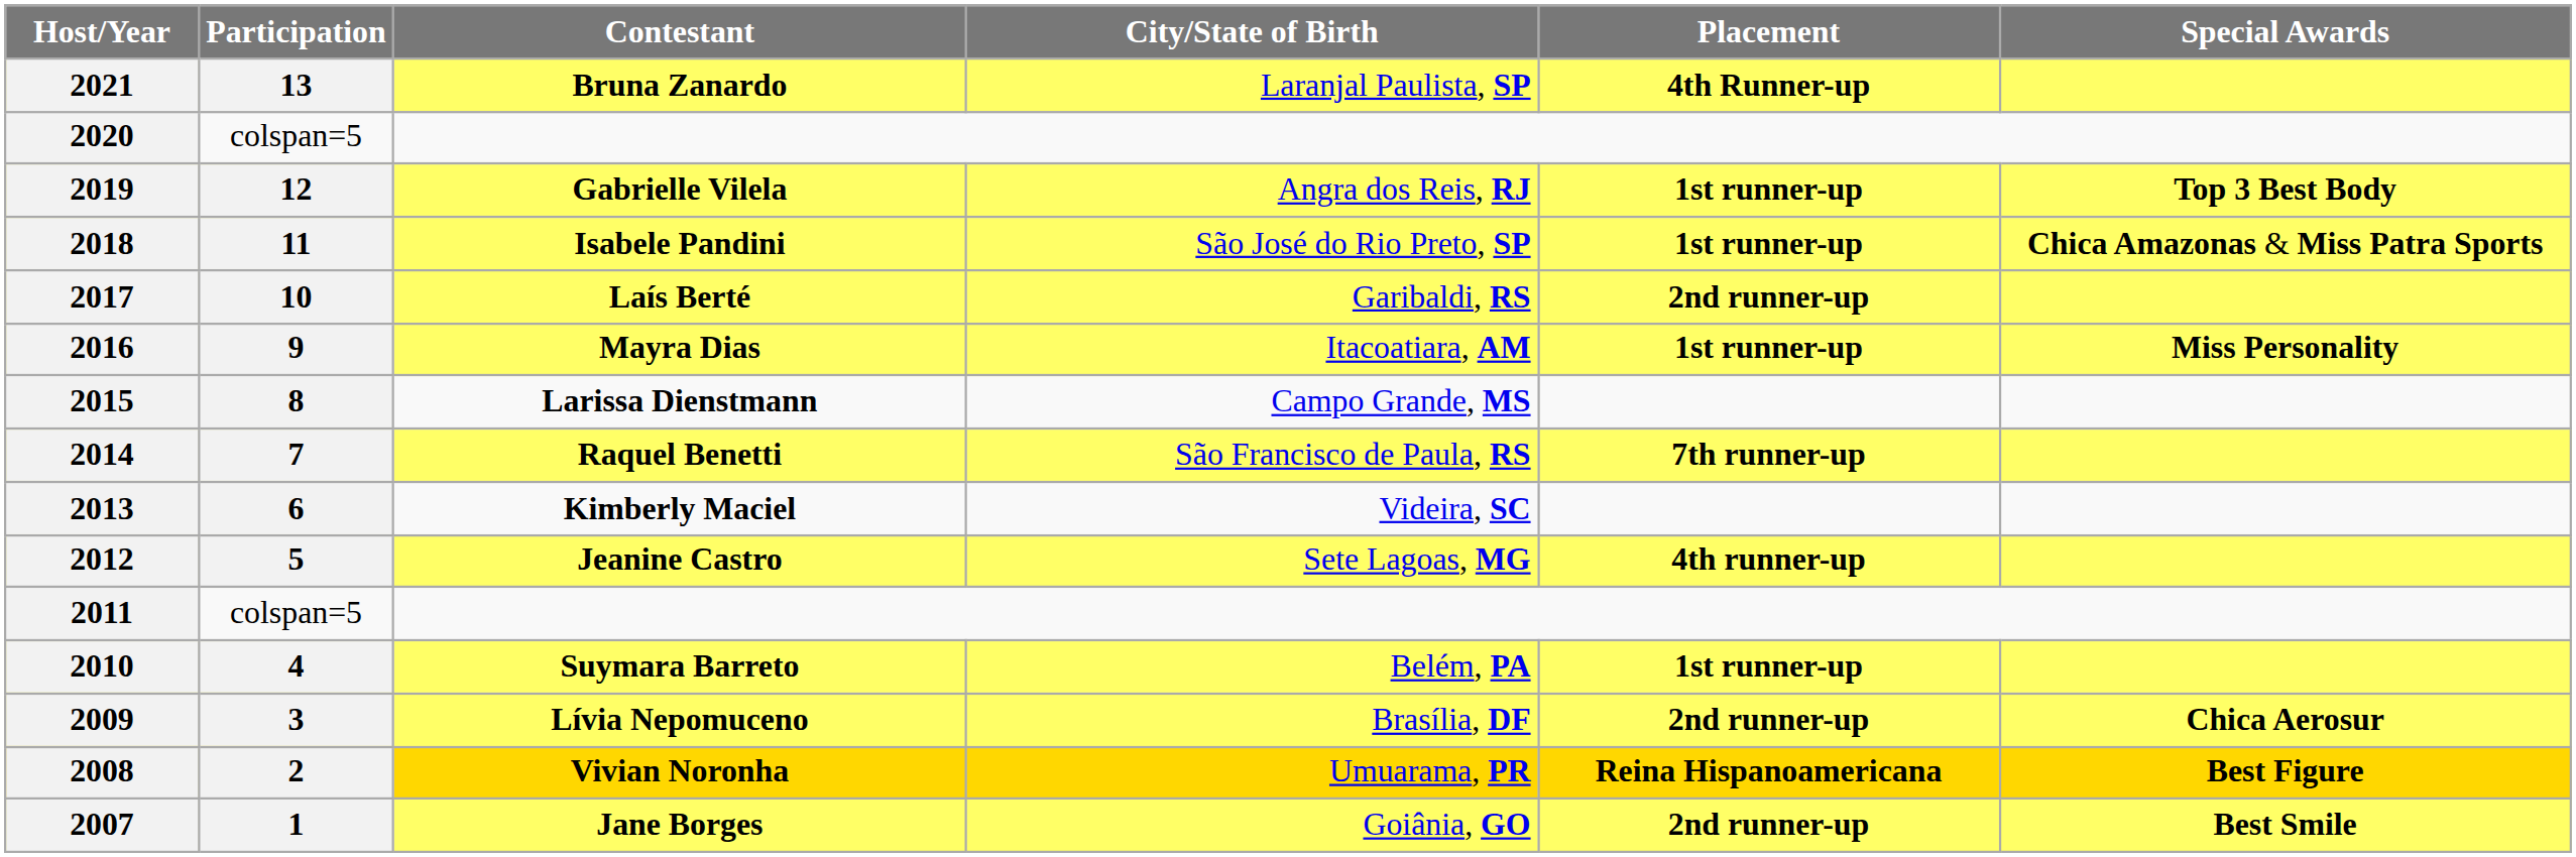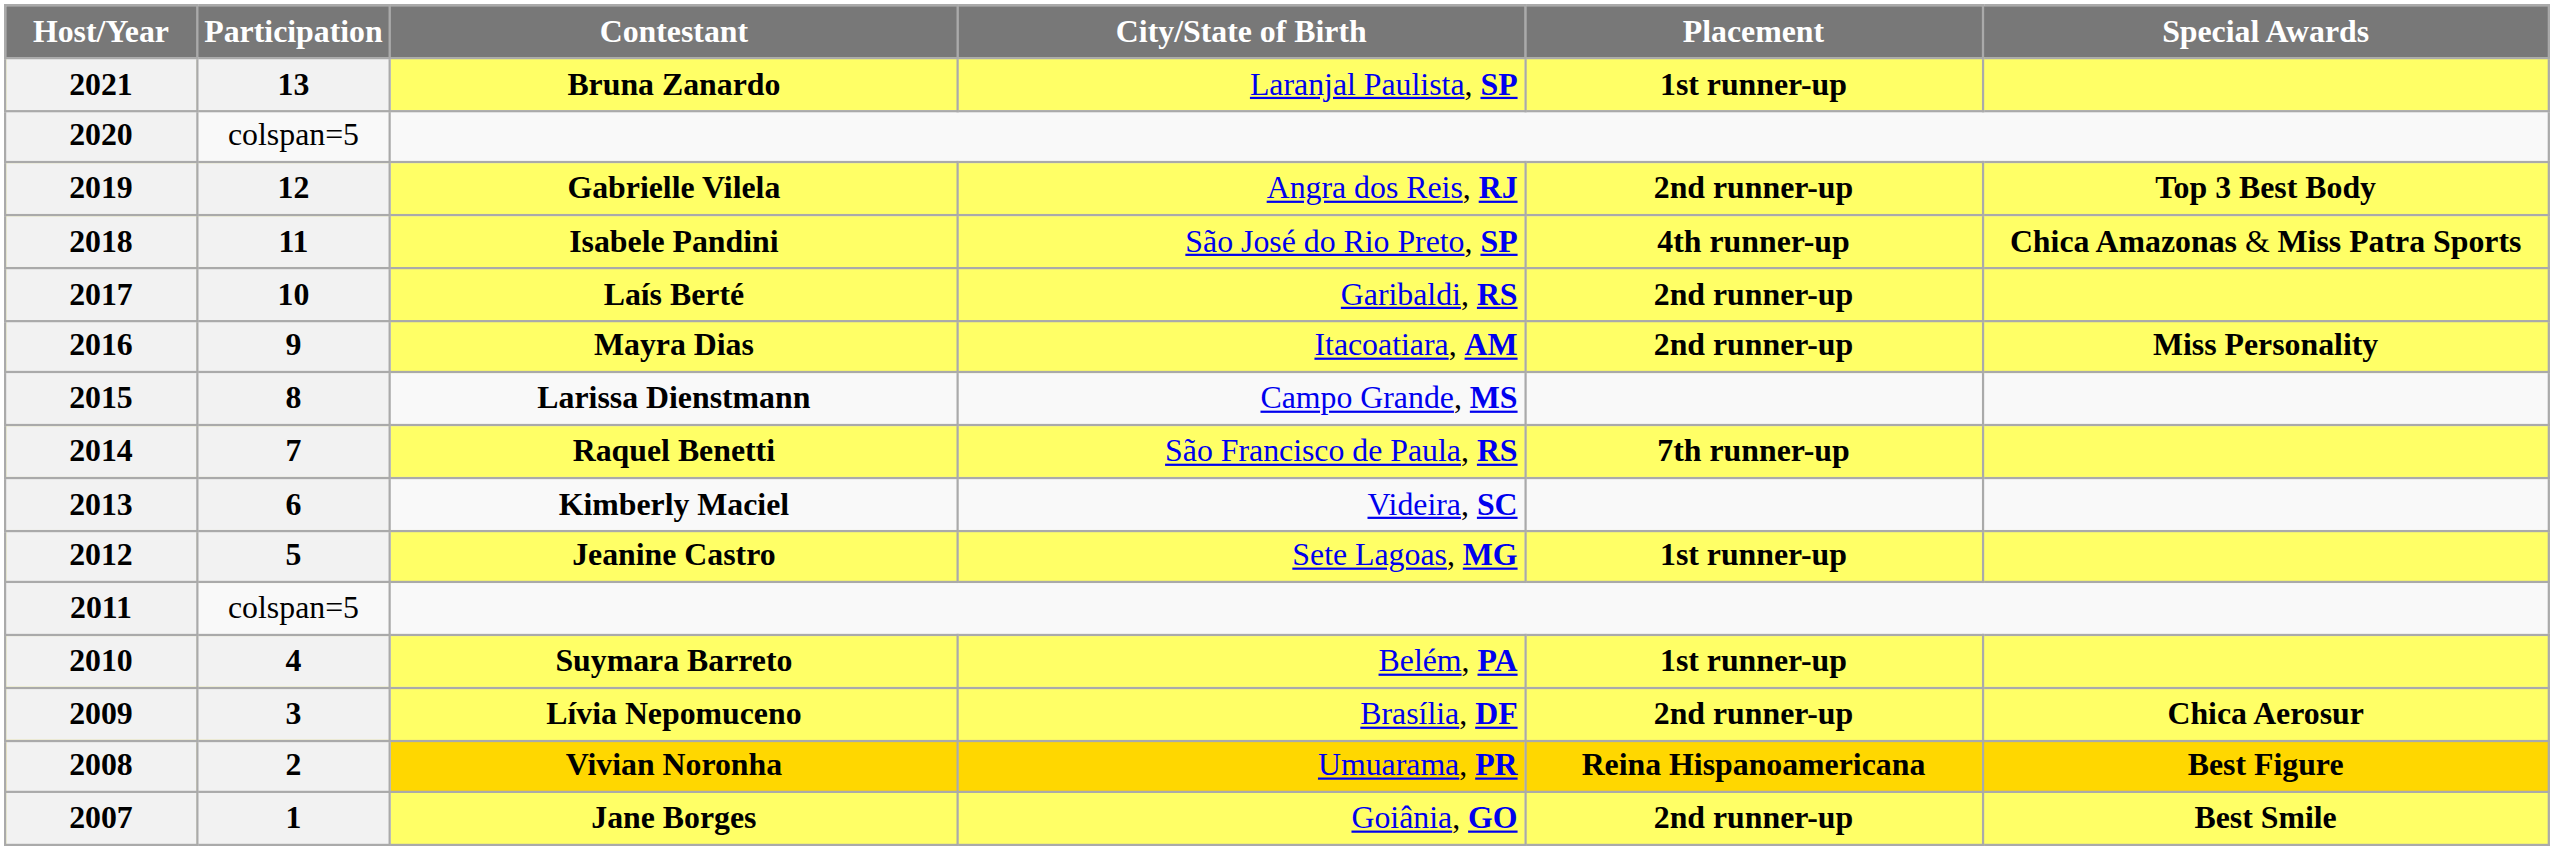 <table class="wikitable sortable" style="font-size: 90%; text-align:center">
 <tr>
 <th width="80" style="background-color:#787878;color:#FFFFFF;">Host/Year</th>
 <th width="80" style="background-color:#787878;color:#FFFFFF;">Participation</th>
 <th width="250" style="background-color:#787878;color:#FFFFFF;">Contestant</th>
 <th width="250" style="background-color:#787878;color:#FFFFFF;">City/State of Birth</th>
 <th width="200" style="background-color:#787878;color:#FFFFFF;">Placement</th>
 <th width="250" style="background-color:#787878;color:#FFFFFF;">Special Awards</th>
 </tr>
 <tr bgcolor="FFFF66">
 <th>2021</th>
 <th>13</th>
 <td><strong>Bruna Zanardo</strong></td>
 <td align="right"><a href='#'>Laranjal Paulista</a>, <strong><a href='#'>SP</a></strong></td>
-<td><strong>4th Runner-up</strong></td>
+<td><strong>1st runner-up</strong></td>
 <td></td>
 </tr>
 <tr>
 <th>2020</th>
 <td>colspan=5 </td>
 </tr>
 <tr bgcolor="FFFF66">
 <th>2019</th>
 <th>12</th>
 <td><strong>Gabrielle Vilela</strong></td>
 <td align="right"><a href='#'>Angra dos Reis</a>, <strong><a href='#'>RJ</a></strong></td>
-<td><strong>1st runner-up</strong></td>
+<td><strong>2nd runner-up</strong></td>
 <td><strong>Top 3 Best Body</strong></td>
 </tr>
 <tr bgcolor="FFFF66">
 <th>2018</th>
 <th>11</th>
 <td><strong>Isabele Pandini</strong></td>
 <td align="right"><a href='#'>São José do Rio Preto</a>, <strong><a href='#'>SP</a></strong></td>
-<td><strong>1st runner-up</strong></td>
+<td><strong>4th runner-up</strong></td>
 <td><strong>Chica Amazonas</strong> & <strong>Miss Patra Sports</strong></td>
 </tr>
 <tr bgcolor="FFFF66">
 <th>2017</th>
 <th>10</th>
 <td><strong>Laís Berté</strong></td>
 <td align="right"><a href='#'>Garibaldi</a>, <strong><a href='#'>RS</a></strong></td>
 <td><strong>2nd runner-up</strong></td>
 <td></td>
 </tr>
 <tr bgcolor="FFFF66">
 <th>2016</th>
 <th>9</th>
 <td><strong>Mayra Dias</strong></td>
 <td align="right"><a href='#'>Itacoatiara</a>, <strong><a href='#'>AM</a></strong></td>
-<td><strong>1st runner-up</strong></td>
+<td><strong>2nd runner-up</strong></td>
 <td><strong>Miss Personality</strong></td>
 </tr>
 <tr>
 <th>2015</th>
 <th>8</th>
 <td><strong>Larissa Dienstmann</strong></td>
 <td align="right"><a href='#'>Campo Grande</a>, <strong><a href='#'>MS</a></strong></td>
 <td></td>
 <td></td>
 </tr>
 <tr bgcolor="FFFF66">
 <th>2014</th>
 <th>7</th>
 <td><strong>Raquel Benetti</strong></td>
 <td align="right"><a href='#'>São Francisco de Paula</a>, <strong><a href='#'>RS</a></strong></td>
 <td><strong>7th runner-up</strong></td>
 <td></td>
 </tr>
 <tr>
 <th>2013</th>
 <th>6</th>
 <td><strong>Kimberly Maciel</strong></td>
 <td align="right"><a href='#'>Videira</a>, <strong><a href='#'>SC</a></strong></td>
 <td></td>
 <td></td>
 </tr>
 <tr bgcolor="FFFF66">
 <th>2012</th>
 <th>5</th>
 <td><strong>Jeanine Castro</strong></td>
 <td align="right"><a href='#'>Sete Lagoas</a>, <strong><a href='#'>MG</a></strong></td>
-<td><strong>4th runner-up</strong></td>
+<td><strong>1st runner-up</strong></td>
 <td></td>
 </tr>
 <tr>
 <th>2011</th>
 <td>colspan=5 </td>
 </tr>
 <tr bgcolor="FFFF66">
 <th>2010</th>
 <th>4</th>
 <td><strong>Suymara Barreto</strong></td>
 <td align="right"><a href='#'>Belém</a>, <strong><a href='#'>PA</a></strong></td>
 <td><strong>1st runner-up</strong></td>
 <td></td>
 </tr>
 <tr bgcolor="FFFF66">
 <th>2009</th>
 <th>3</th>
 <td><strong>Lívia Nepomuceno</strong></td>
 <td align="right"><a href='#'>Brasília</a>, <strong><a href='#'>DF</a></strong></td>
 <td><strong>2nd runner-up</strong></td>
 <td><strong>Chica Aerosur</strong></td>
 </tr>
 <tr bgcolor="gold">
 <th>2008</th>
 <th>2</th>
 <td><strong>Vivian Noronha</strong></td>
 <td align="right"><a href='#'>Umuarama</a>, <strong><a href='#'>PR</a></strong></td>
 <td><strong>Reina Hispanoamericana</strong></td>
 <td><strong>Best Figure</strong></td>
 </tr>
 <tr bgcolor="FFFF66">
 <th>2007</th>
 <th>1</th>
 <td><strong>Jane Borges</strong></td>
 <td align="right"><a href='#'>Goiânia</a>, <strong><a href='#'>GO</a></strong></td>
 <td><strong>2nd runner-up</strong></td>
 <td><strong>Best Smile</strong></td>
 </tr>
 </table>
